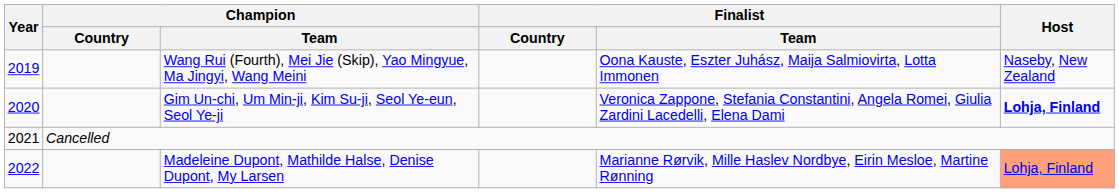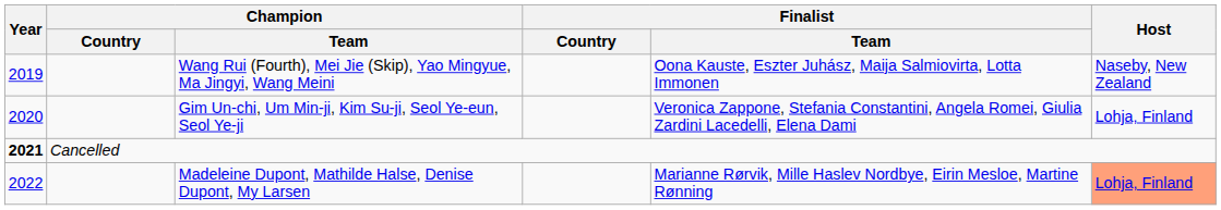 <table class="wikitable">
 <tr>
 <th rowspan="2">Year</th>
 <th colspan="2">Champion</th>
 <th colspan="2">Finalist</th>
 <th rowspan="2">Host</th>
 </tr>
 <tr>
 <th width=125px>Country</th>
 <th>Team</th>
 <th width=125px>Country</th>
 <th>Team</th>
 </tr>
 <tr>
 <td><a href='#'>2019</a></td>
 <td></td>
 <td><a href='#'>Wang Rui</a> (Fourth), <a href='#'>Mei Jie</a> (Skip), <a href='#'>Yao Mingyue</a>, <a href='#'>Ma Jingyi</a>, <a href='#'>Wang Meini</a></td>
 <td></td>
 <td><a href='#'>Oona Kauste</a>, <a href='#'>Eszter Juhász</a>, <a href='#'>Maija Salmiovirta</a>, <a href='#'>Lotta Immonen</a></td>
 <td><a href='#'>Naseby</a>, <a href='#'>New Zealand</a></td>
 </tr>
 <tr>
 <td><a href='#'>2020</a></td>
 <td></td>
 <td><a href='#'>Gim Un-chi</a>, <a href='#'>Um Min-ji</a>, <a href='#'>Kim Su-ji</a>, <a href='#'>Seol Ye-eun</a>, <a href='#'>Seol Ye-ji</a></td>
 <td></td>
 <td><a href='#'>Veronica Zappone</a>, <a href='#'>Stefania Constantini</a>, <a href='#'>Angela Romei</a>, <a href='#'>Giulia Zardini Lacedelli</a>, <a href='#'>Elena Dami</a></td>
-<td><strong><a href='#'>Lohja, Finland</a></strong></td>
+<td><a href='#'>Lohja, Finland</a></td>
 </tr>
 <tr>
-<td>2021</td>
+<td><strong>2021</strong></td>
 <td colspan="5"><em>Cancelled</em></td>
 </tr>
 <tr>
 <td><a href='#'>2022</a></td>
 <td></td>
 <td><a href='#'>Madeleine Dupont</a>, <a href='#'>Mathilde Halse</a>, <a href='#'>Denise Dupont</a>, <a href='#'>My Larsen</a></td>
 <td></td>
 <td><a href='#'>Marianne Rørvik</a>, <a href='#'>Mille Haslev Nordbye</a>, <a href='#'>Eirin Mesloe</a>, <a href='#'>Martine Rønning</a></td>
 <td style="background: lightsalmon;"><a href='#'>Lohja, Finland</a></td>
 </tr>
 </table>
